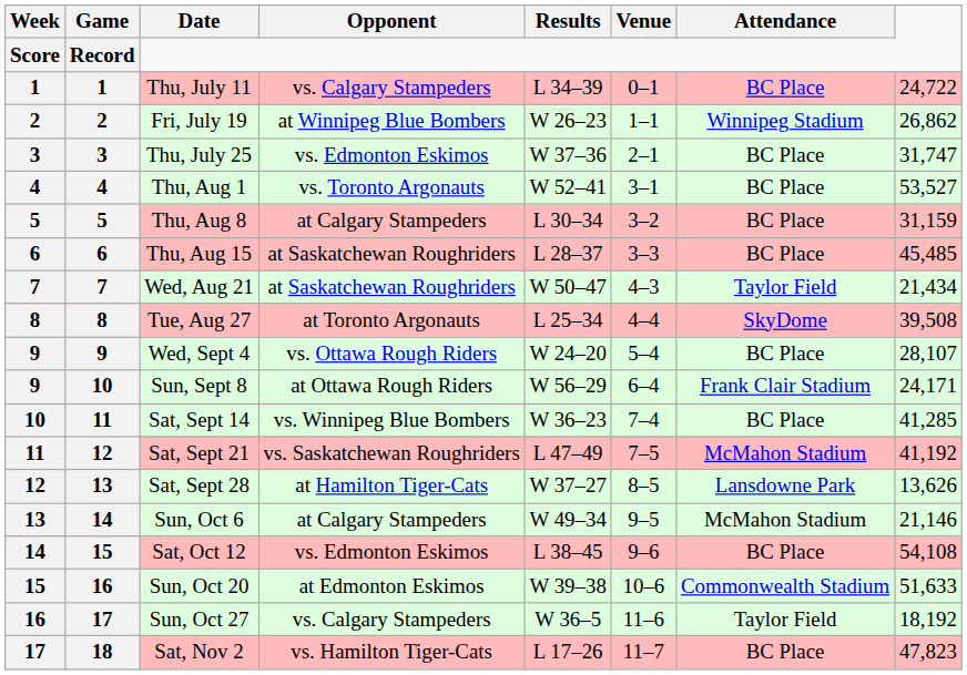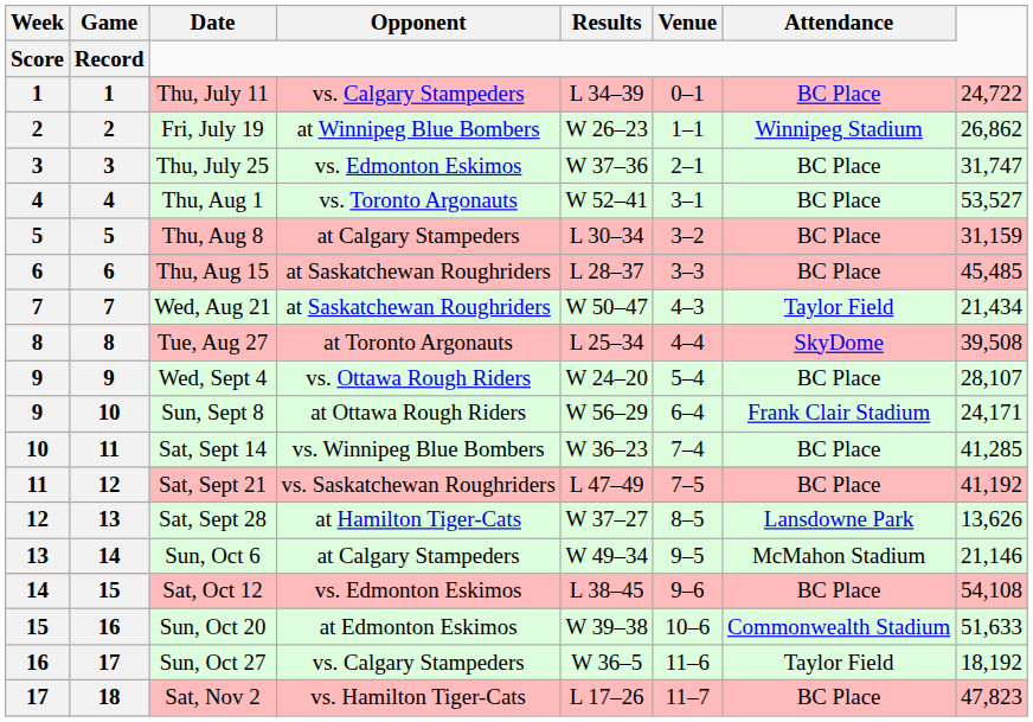 <table class="wikitable" style="text-align:center">
 <tr>
 <th>Week</th>
 <th>Game</th>
 <th>Date</th>
 <th>Opponent</th>
 <th>Results</th>
 <th>Venue</th>
 <th>Attendance</th>
 </tr>
 <tr>
 <th>Score</th>
 <th>Record</th>
 </tr>
 <tr style="background:#ffbbbb">
 <th>1</th>
 <th>1</th>
 <td>Thu, July 11</td>
 <td>vs. <a href='#'>Calgary Stampeders</a></td>
 <td>L 34–39</td>
 <td>0–1</td>
 <td><a href='#'>BC Place</a></td>
 <td>24,722</td>
 </tr>
 <tr style="background:#ddffdd">
 <th>2</th>
 <th>2</th>
 <td>Fri, July 19</td>
 <td>at <a href='#'>Winnipeg Blue Bombers</a></td>
 <td>W 26–23</td>
 <td>1–1</td>
 <td><a href='#'>Winnipeg Stadium</a></td>
 <td>26,862</td>
 </tr>
 <tr style="background:#ddffdd">
 <th>3</th>
 <th>3</th>
 <td>Thu, July 25</td>
 <td>vs. <a href='#'>Edmonton Eskimos</a></td>
 <td>W 37–36</td>
 <td>2–1</td>
 <td>BC Place</td>
 <td>31,747</td>
 </tr>
 <tr style="background:#ddffdd">
 <th>4</th>
 <th>4</th>
 <td>Thu, Aug 1</td>
 <td>vs. <a href='#'>Toronto Argonauts</a></td>
 <td>W 52–41</td>
 <td>3–1</td>
 <td>BC Place</td>
 <td>53,527</td>
 </tr>
 <tr style="background:#ffbbbb">
 <th>5</th>
 <th>5</th>
 <td>Thu, Aug 8</td>
 <td>at Calgary Stampeders</td>
 <td>L 30–34</td>
 <td>3–2</td>
 <td>BC Place</td>
 <td>31,159</td>
 </tr>
 <tr style="background:#ffbbbb">
 <th>6</th>
 <th>6</th>
 <td>Thu, Aug 15</td>
 <td>at Saskatchewan Roughriders</td>
 <td>L 28–37</td>
 <td>3–3</td>
 <td>BC Place</td>
 <td>45,485</td>
 </tr>
 <tr style="background:#ddffdd">
 <th>7</th>
 <th>7</th>
 <td>Wed, Aug 21</td>
 <td>at <a href='#'>Saskatchewan Roughriders</a></td>
 <td>W 50–47</td>
 <td>4–3</td>
 <td><a href='#'>Taylor Field</a></td>
 <td>21,434</td>
 </tr>
 <tr style="background:#ffbbbb">
 <th>8</th>
 <th>8</th>
 <td>Tue, Aug 27</td>
 <td>at Toronto Argonauts</td>
 <td>L 25–34</td>
 <td>4–4</td>
 <td><a href='#'>SkyDome</a></td>
 <td>39,508</td>
 </tr>
 <tr style="background:#ddffdd">
 <th>9</th>
 <th>9</th>
 <td>Wed, Sept 4</td>
 <td>vs. <a href='#'>Ottawa Rough Riders</a></td>
 <td>W 24–20</td>
 <td>5–4</td>
 <td>BC Place</td>
 <td>28,107</td>
 </tr>
 <tr style="background:#ddffdd">
 <th>9</th>
 <th>10</th>
 <td>Sun, Sept 8</td>
 <td>at Ottawa Rough Riders</td>
 <td>W 56–29</td>
 <td>6–4</td>
 <td><a href='#'>Frank Clair Stadium</a></td>
 <td>24,171</td>
 </tr>
 <tr style="background:#ddffdd">
 <th>10</th>
 <th>11</th>
 <td>Sat, Sept 14</td>
 <td>vs. Winnipeg Blue Bombers</td>
 <td>W 36–23</td>
 <td>7–4</td>
 <td>BC Place</td>
 <td>41,285</td>
 </tr>
 <tr style="background:#ffbbbb">
 <th>11</th>
 <th>12</th>
 <td>Sat, Sept 21</td>
 <td>vs. Saskatchewan Roughriders</td>
 <td>L 47–49</td>
 <td>7–5</td>
-<td><a href='#'>McMahon Stadium</a></td>
+<td>BC Place</td>
 <td>41,192</td>
 </tr>
 <tr style="background:#ddffdd">
 <th>12</th>
 <th>13</th>
 <td>Sat, Sept 28</td>
 <td>at <a href='#'>Hamilton Tiger-Cats</a></td>
 <td>W 37–27</td>
 <td>8–5</td>
 <td><a href='#'>Lansdowne Park</a></td>
 <td>13,626</td>
 </tr>
 <tr style="background:#ddffdd">
 <th>13</th>
 <th>14</th>
 <td>Sun, Oct 6</td>
 <td>at Calgary Stampeders</td>
 <td>W 49–34</td>
 <td>9–5</td>
 <td>McMahon Stadium</td>
 <td>21,146</td>
 </tr>
 <tr style="background:#ffbbbb">
 <th>14</th>
 <th>15</th>
 <td>Sat, Oct 12</td>
 <td>vs. Edmonton Eskimos</td>
 <td>L 38–45</td>
 <td>9–6</td>
 <td>BC Place</td>
 <td>54,108</td>
 </tr>
 <tr style="background:#ddffdd">
 <th>15</th>
 <th>16</th>
 <td>Sun, Oct 20</td>
 <td>at Edmonton Eskimos</td>
 <td>W 39–38</td>
 <td>10–6</td>
 <td><a href='#'>Commonwealth Stadium</a></td>
 <td>51,633</td>
 </tr>
 <tr style="background:#ddffdd">
 <th>16</th>
 <th>17</th>
 <td>Sun, Oct 27</td>
 <td>vs. Calgary Stampeders</td>
 <td>W 36–5</td>
 <td>11–6</td>
 <td>Taylor Field</td>
 <td>18,192</td>
 </tr>
 <tr style="background:#ffbbbb">
 <th>17</th>
 <th>18</th>
 <td>Sat, Nov 2</td>
 <td>vs. Hamilton Tiger-Cats</td>
 <td>L 17–26</td>
 <td>11–7</td>
 <td>BC Place</td>
 <td>47,823</td>
 </tr>
 </table>
